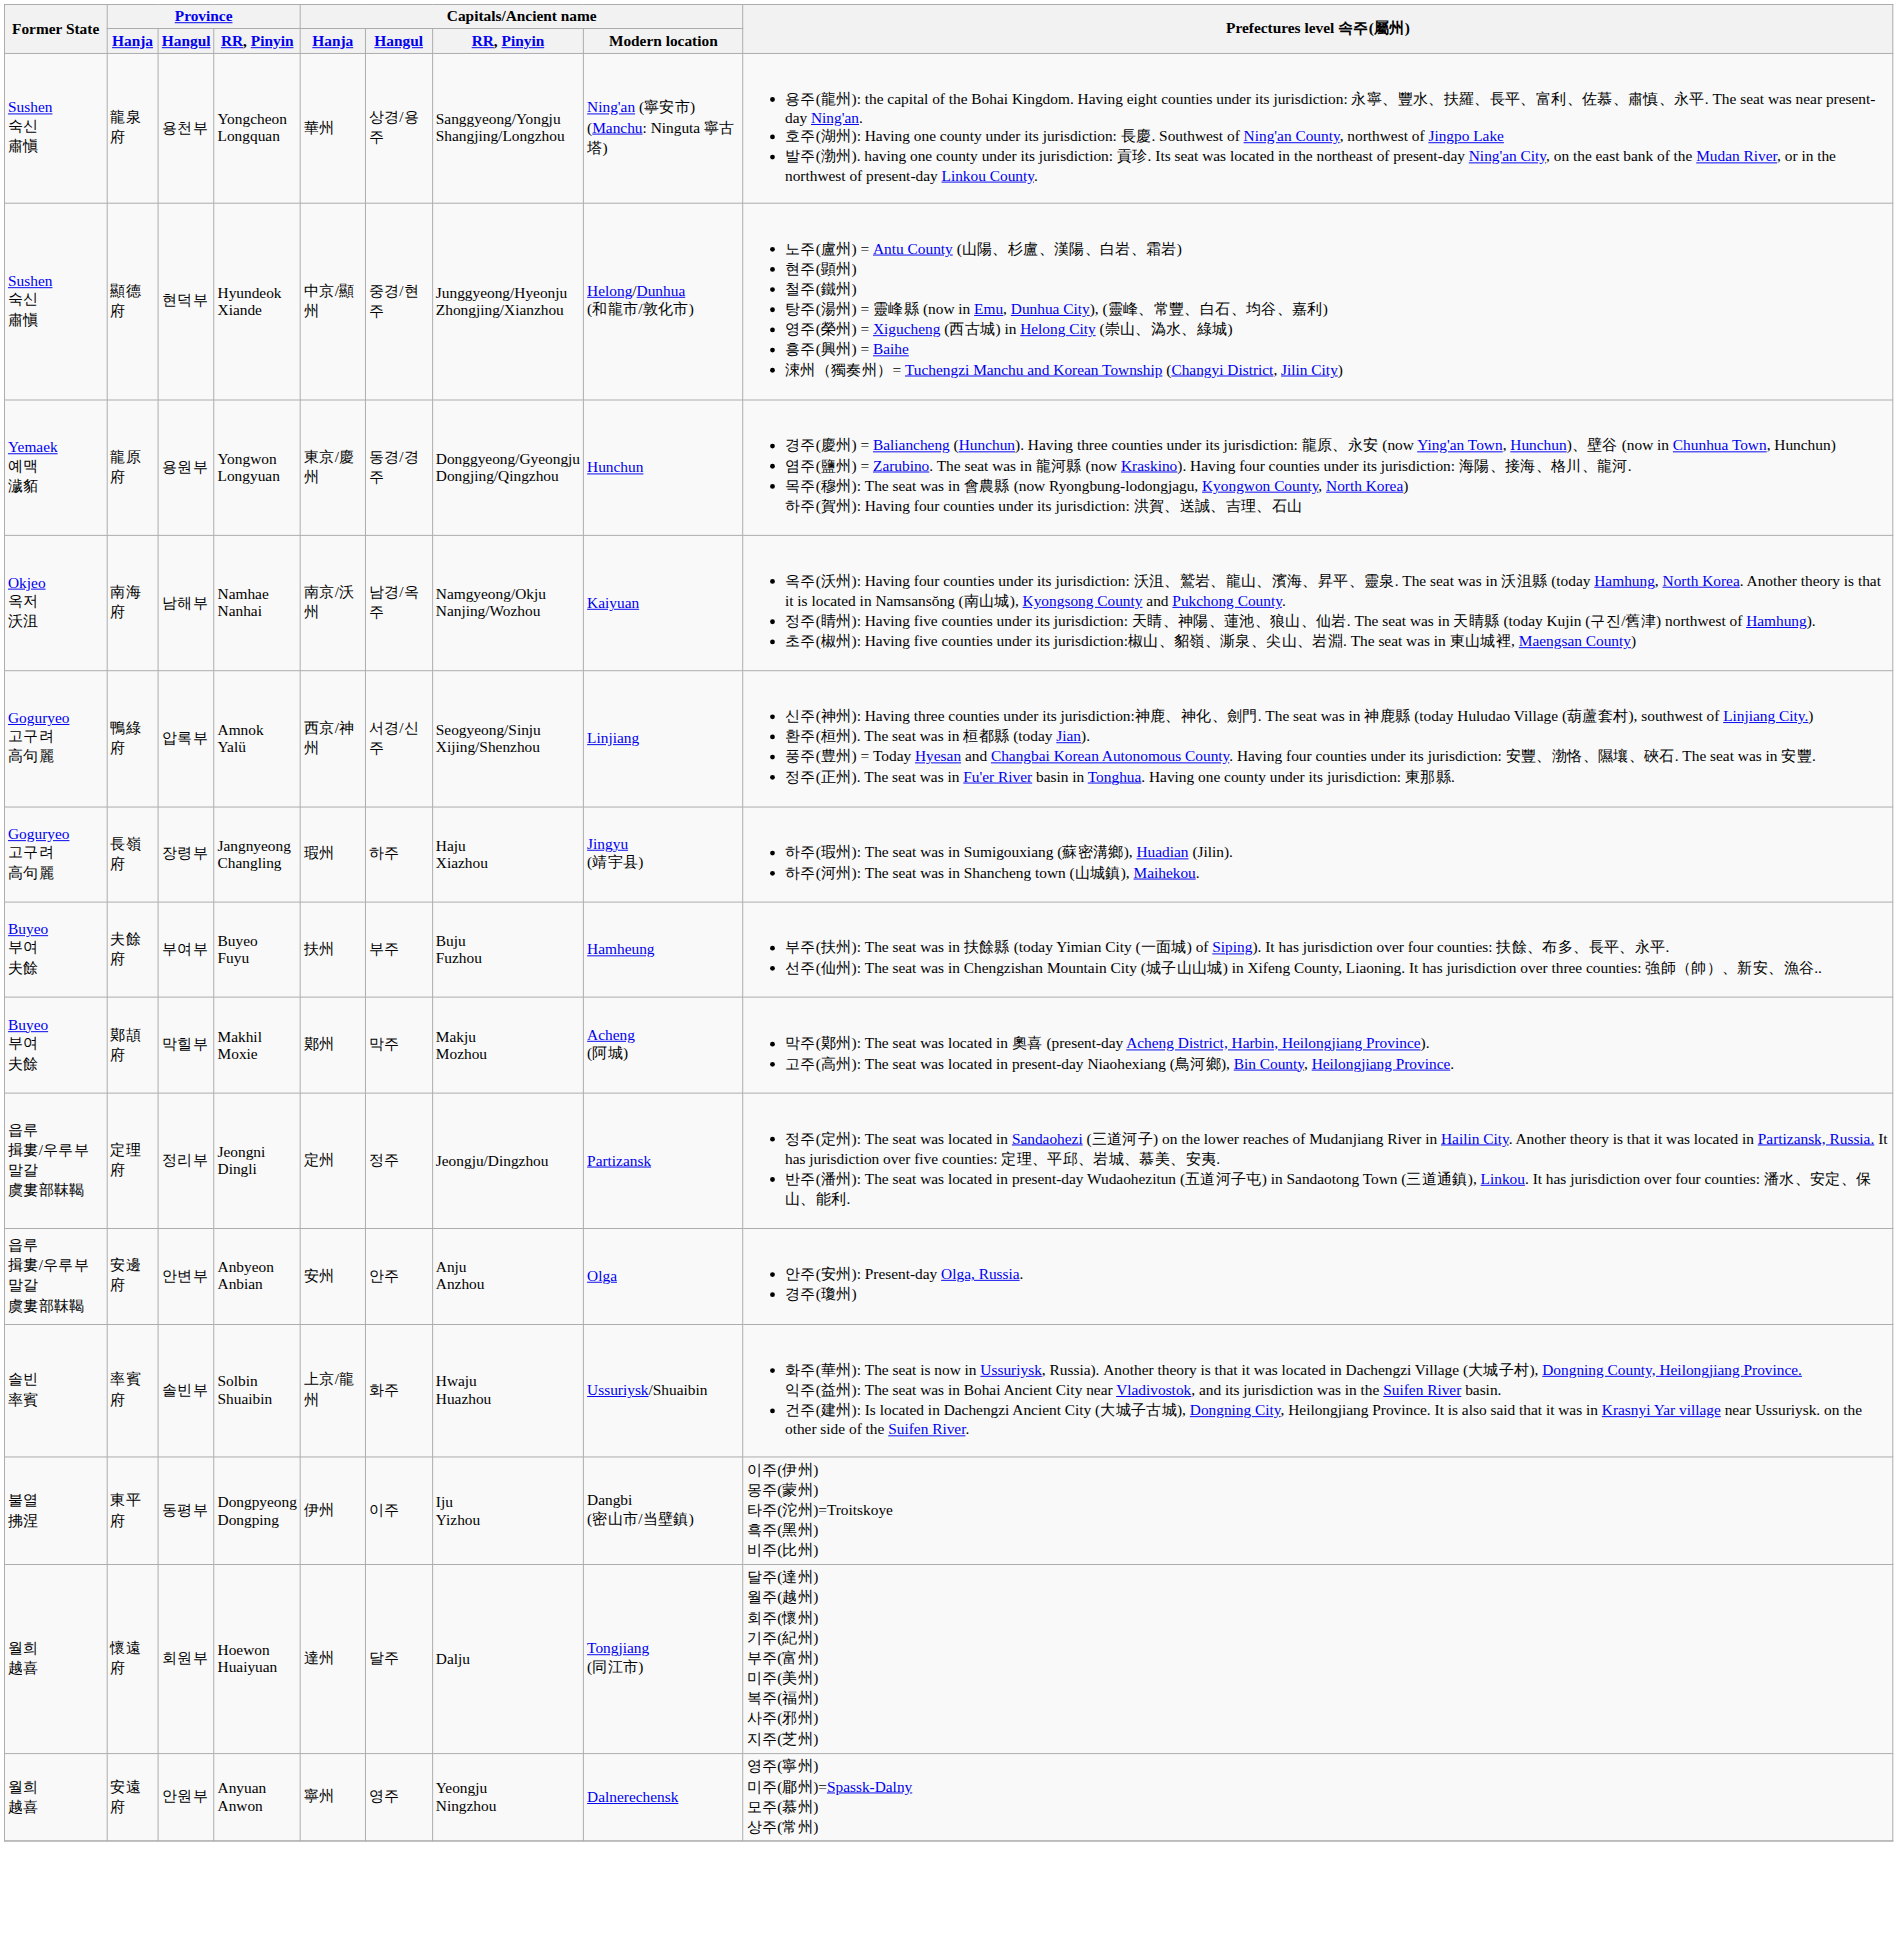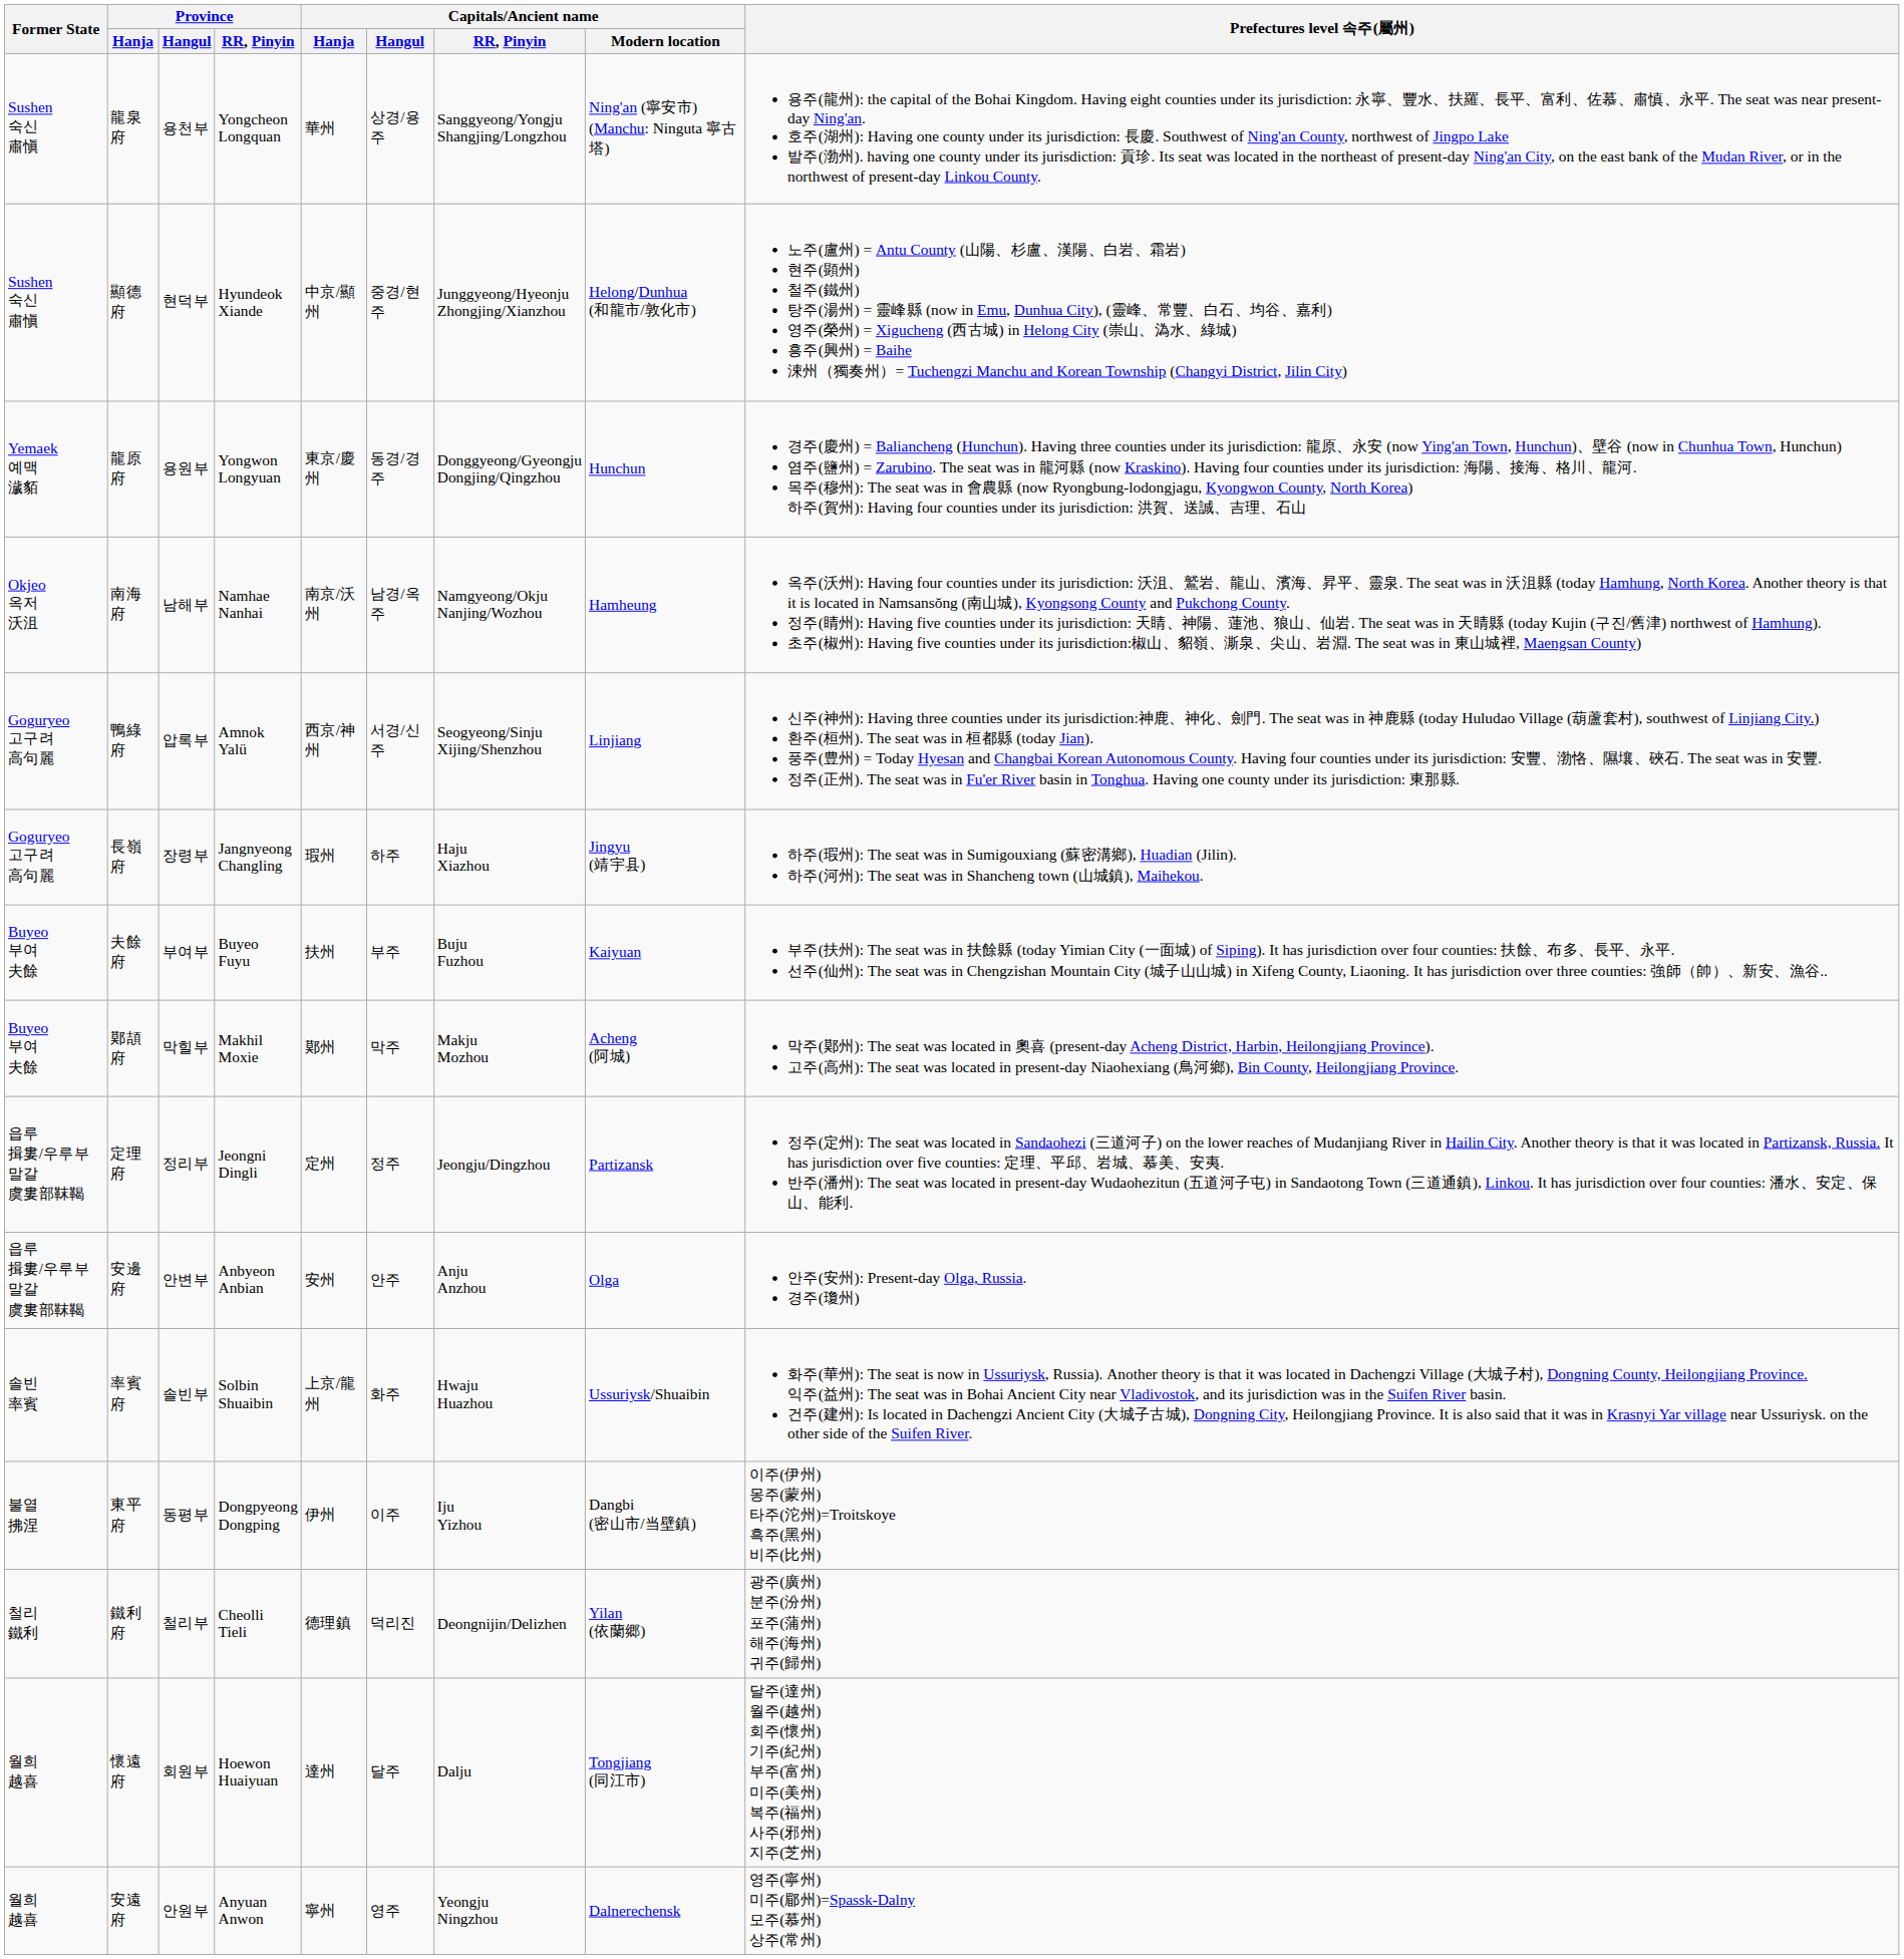 <table class="wikitable">
 <tr>
 <th rowspan="2">Former State</th>
 <th colspan="3"><a href='#'>Province</a></th>
 <th colspan="4">Capitals/Ancient name</th>
 <th rowspan="2">Prefectures level 속주(屬州)</th>
 </tr>
 <tr>
 <th style="valign:top;"><a href='#'>Hanja</a></th>
 <th style="valign:top;"><a href='#'>Hangul</a></th>
 <th style="valign:top;"><a href='#'>RR</a>, <a href='#'>Pinyin</a></th>
 <th style="valign:top;"><a href='#'>Hanja</a></th>
 <th style="valign:top;"><a href='#'>Hangul</a></th>
 <th style="valign:top;"><a href='#'>RR</a>, <a href='#'>Pinyin</a></th>
 <th>Modern location</th>
 </tr>
 <tr>
 <td><a href='#'>Sushen</a><br>숙신<br>肅愼</td>
 <td>龍泉府</td>
 <td>용천부</td>
 <td>Yongcheon<br>Longquan</td>
 <td>華州</td>
 <td>상경/용주</td>
 <td>Sanggyeong/Yongju<br>Shangjing/Longzhou</td>
 <td><a href='#'>Ning'an</a> (寧安市) <br> (<a href='#'>Manchu</a>: Ninguta 寧古塔)</td>
 <td><br><ul><li>용주(龍州): the capital of the Bohai Kingdom. Having eight counties under its jurisdiction: 永寧、豐水、扶羅、長平、富利、佐慕、肅慎、永平. The seat was near present-day <a href='#'>Ning'an</a>.</li><li>호주(湖州): Having one county under its jurisdiction: 長慶. Southwest of <a href='#'>Ning'an County</a>, northwest of <a href='#'>Jingpo Lake</a></li><li>발주(渤州). having one county under its jurisdiction: 貢珍. Its seat was located in the northeast of present-day <a href='#'>Ning'an City</a>, on the east bank of the <a href='#'>Mudan River</a>, or in the northwest of present-day <a href='#'>Linkou County</a>.</li></ul></td>
 </tr>
 <tr>
 <td><a href='#'>Sushen</a><br>숙신<br>肅愼</td>
 <td>顯德府</td>
 <td>현덕부</td>
 <td>Hyundeok<br>Xiande</td>
 <td>中京/顯州</td>
 <td>중경/현주</td>
 <td>Junggyeong/Hyeonju<br>Zhongjing/Xianzhou</td>
 <td><a href='#'>Helong</a>/<a href='#'>Dunhua</a><br> (和龍市/敦化市)</td>
 <td><br><ul><li>노주(盧州) = <a href='#'>Antu County</a> (山陽、杉盧、漢陽、白岩、霜岩)</li><li>현주(顕州)</li><li>철주(鐵州)</li><li>탕주(湯州) = 靈峰縣 (now in <a href='#'>Emu</a>, <a href='#'>Dunhua City</a>), (靈峰、常豐、白石、均谷、嘉利)</li><li>영주(榮州) = <a href='#'>Xigucheng</a> (西古城) in <a href='#'>Helong City</a> (崇山、溈水、綠城)</li><li>흥주(興州) = <a href='#'>Baihe</a></li><li>涑州（獨奏州）= <a href='#'>Tuchengzi Manchu and Korean Township</a> (<a href='#'>Changyi District</a>, <a href='#'>Jilin City</a>)</li></ul></td>
 </tr>
 <tr>
 <td><a href='#'>Yemaek</a><br>예맥<br>濊貊</td>
 <td>龍原府</td>
 <td>용원부</td>
 <td>Yongwon<br>Longyuan</td>
 <td>東京/慶州</td>
 <td>동경/경주</td>
 <td>Donggyeong/Gyeongju<br>Dongjing/Qingzhou</td>
 <td><a href='#'>Hunchun</a><br></td>
 <td><br><ul><li>경주(慶州) = <a href='#'>Baliancheng</a> (<a href='#'>Hunchun</a>). Having three counties under its jurisdiction: 龍原、永安 (now <a href='#'>Ying'an Town</a>, <a href='#'>Hunchun</a>)、壁谷 (now in <a href='#'>Chunhua Town</a>, Hunchun)</li><li>염주(鹽州) = <a href='#'>Zarubino</a>. The seat was in 龍河縣 (now <a href='#'>Kraskino</a>). Having four counties under its jurisdiction: 海陽、接海、格川、龍河.</li><li>목주(穆州): The seat was in 會農縣 (now Ryongbung-lodongjagu, <a href='#'>Kyongwon County</a>, <a href='#'>North Korea</a>)<br>하주(賀州): Having four counties under its jurisdiction: 洪賀、送誠、吉理、石山</li></ul></td>
 </tr>
 <tr>
 <td><a href='#'>Okjeo</a><br>옥저<br>沃沮</td>
 <td>南海府</td>
 <td>남해부</td>
 <td>Namhae<br>Nanhai</td>
 <td>南京/沃州</td>
 <td>남경/옥주</td>
 <td>Namgyeong/Okju<br>Nanjing/Wozhou</td>
-<td><a href='#'>Kaiyuan</a></td>
+<td><a href='#'>Hamheung</a><br></td>
 <td><br><ul><li>옥주(沃州): Having four counties under its jurisdiction: 沃沮、鷲岩、龍山、濱海、昇平、靈泉. The seat was in 沃沮縣 (today <a href='#'>Hamhung</a>, <a href='#'>North Korea</a>. Another theory is that it is located in Namsansŏng (南山城), <a href='#'>Kyongsong County</a> and <a href='#'>Pukchong County</a>.</li><li>정주(睛州): Having five counties under its jurisdiction:  天睛、神陽、蓮池、狼山、仙岩. The seat was in 天睛縣 (today Kujin (구진/舊津) northwest of <a href='#'>Hamhung</a>).</li><li>초주(椒州): Having five counties under its jurisdiction:椒山、貂嶺、澌泉、尖山、岩淵. The seat was in 東山城裡, <a href='#'>Maengsan County</a>)</li></ul></td>
 </tr>
 <tr>
 <td><a href='#'>Goguryeo</a><br>고구려<br>高句麗</td>
 <td>鴨綠府</td>
 <td>압록부</td>
 <td>Amnok<br>Yalü</td>
 <td>西京/神州</td>
 <td>서경/신주</td>
 <td>Seogyeong/Sinju<br>Xijing/Shenzhou</td>
 <td><a href='#'>Linjiang</a></td>
 <td><br><ul><li>신주(神州): Having three counties under its jurisdiction:神鹿、神化、劍門. The seat was in 神鹿縣 (today Huludao Village (葫蘆套村), southwest of <a href='#'>Linjiang City.</a>)</li><li>환주(桓州). The seat was in 桓都縣 (today <a href='#'>Jian</a>).</li><li>풍주(豊州) = Today <a href='#'>Hyesan</a> and <a href='#'>Changbai Korean Autonomous County</a>. Having four counties under its jurisdiction: 安豐、渤恪、隰壤、硤石. The seat was in 安豐.</li><li>정주(正州). The seat was in <a href='#'>Fu'er River</a> basin in <a href='#'>Tonghua</a>. Having one county under its jurisdiction: 東那縣.</li></ul></td>
 </tr>
 <tr>
 <td><a href='#'>Goguryeo</a><br>고구려<br>高句麗</td>
 <td>長嶺府</td>
 <td>장령부</td>
 <td>Jangnyeong<br>Changling</td>
 <td>瑕州</td>
 <td>하주</td>
 <td>Haju<br>Xiazhou</td>
 <td><a href='#'>Jingyu</a><br>(靖宇县)</td>
 <td><br><ul><li>하주(瑕州): The seat was in Sumigouxiang (蘇密溝鄉), <a href='#'>Huadian</a> (Jilin).</li><li>하주(河州): The seat was in Shancheng town (山城鎮), <a href='#'>Maihekou</a>.</li></ul></td>
 </tr>
 <tr>
 <td><a href='#'>Buyeo</a><br>부여<br>夫餘</td>
 <td>夫餘府</td>
 <td>부여부</td>
 <td>Buyeo<br>Fuyu</td>
 <td>扶州</td>
 <td>부주</td>
 <td>Buju<br>Fuzhou</td>
-<td><a href='#'>Hamheung</a><br></td>
+<td><a href='#'>Kaiyuan</a></td>
 <td><br><ul><li>부주(扶州): The seat was in 扶餘縣 (today Yimian City (一面城) of <a href='#'>Siping</a>). It has jurisdiction over four counties: 扶餘、布多、長平、永平.</li><li>선주(仙州): The seat was in Chengzishan Mountain City (城子山山城) in Xifeng County, Liaoning. It has jurisdiction over three counties: 強師（帥）、新安、漁谷..</li></ul></td>
 </tr>
 <tr>
 <td><a href='#'>Buyeo</a><br>부여<br>夫餘</td>
 <td>鄚頡府</td>
 <td>막힐부</td>
 <td>Makhil<br>Moxie</td>
 <td>鄚州</td>
 <td>막주</td>
 <td>Makju<br>Mozhou</td>
 <td><a href='#'>Acheng</a><br>(阿城)</td>
 <td><br><ul><li>막주(鄚州): The seat was located in 奧喜 (present-day <a href='#'>Acheng District, Harbin, Heilongjiang Province</a>).</li><li>고주(高州): The seat was located in present-day Niaohexiang (鳥河鄉), <a href='#'>Bin County</a>, <a href='#'>Heilongjiang Province</a>.</li></ul></td>
 </tr>
 <tr>
 <td>읍루<br>揖婁/우루부말갈<br>虞婁部靺鞨</td>
 <td>定理府</td>
 <td>정리부</td>
 <td>Jeongni<br>Dingli</td>
 <td>定州</td>
 <td>정주</td>
 <td>Jeongju/Dingzhou</td>
 <td><a href='#'>Partizansk</a></td>
 <td><br><ul><li>정주(定州): The seat was located in <a href='#'>Sandaohezi</a> (三道河子) on the lower reaches of Mudanjiang River in <a href='#'>Hailin City</a>. Another theory is that it was located in <a href='#'>Partizansk, Russia.</a> It has jurisdiction over five counties: 定理、平邱、岩城、慕美、安夷.</li><li>반주(潘州): The seat was located in present-day Wudaohezitun (五道河子屯) in Sandaotong Town (三道通鎮), <a href='#'>Linkou</a>. It has jurisdiction over four counties: 潘水、安定、保山、能利.</li></ul></td>
 </tr>
 <tr>
 <td>읍루<br>揖婁/우루부말갈<br>虞婁部靺鞨</td>
 <td>安邊府</td>
 <td>안변부</td>
 <td>Anbyeon<br>Anbian</td>
 <td>安州</td>
 <td>안주</td>
 <td>Anju<br>Anzhou</td>
 <td><a href='#'>Olga</a></td>
 <td><br><ul><li>안주(安州): Present-day <a href='#'>Olga, Russia</a>.</li><li>경주(瓊州)</li></ul></td>
 </tr>
 <tr>
 <td>솔빈<br>率賓</td>
 <td>率賓府</td>
 <td>솔빈부</td>
 <td>Solbin<br>Shuaibin</td>
 <td>上京/龍州</td>
 <td>화주</td>
 <td>Hwaju<br>Huazhou</td>
 <td><a href='#'>Ussuriysk</a>/Shuaibin</td>
 <td><br><ul><li>화주(華州): The seat is now in <a href='#'>Ussuriysk</a>, Russia). Another theory is that it was located in Dachengzi Village (大城子村), <a href='#'>Dongning County, Heilongjiang Province.</a><br>익주(益州): The seat was in Bohai Ancient City near <a href='#'>Vladivostok</a>, and its jurisdiction was in the <a href='#'>Suifen River</a> basin.</li><li>건주(建州): Is located in Dachengzi Ancient City (大城子古城), <a href='#'>Dongning City</a>, Heilongjiang Province. It is also said that it was in <a href='#'>Krasnyi Yar village</a> near Ussuriysk. on the other side of the <a href='#'>Suifen River</a>.</li></ul></td>
 </tr>
 <tr>
 <td>불열<br>拂涅</td>
 <td>東平府</td>
 <td>동평부</td>
 <td>Dongpyeong<br>Dongping</td>
 <td>伊州</td>
 <td>이주</td>
 <td>Iju<br>Yizhou</td>
 <td>Dangbi<br>(密山市/当壁鎮)</td>
 <td>이주(伊州) <br>몽주(蒙州) <br>타주(沱州)=Troitskoye <br>흑주(黑州) <br>비주(比州)</td>
 </tr>
 <tr>
+<td>철리<br>鐵利</td>
+<td>鐵利府</td>
+<td>철리부</td>
+<td>Cheolli<br>Tieli</td>
+<td>德理鎮</td>
+<td>덕리진</td>
+<td>Deongnijin/Delizhen</td>
+<td><a href='#'>Yilan</a><br>(依蘭郷)</td>
+<td>광주(廣州)<br>분주(汾州)<br>포주(蒲州)<br>해주(海州)<br>귀주(歸州)</td>
+</tr>
+<tr>
 <td>월희<br>越喜</td>
 <td>懷遠府</td>
 <td>회원부</td>
 <td>Hoewon<br>Huaiyuan</td>
 <td>達州</td>
 <td>달주</td>
 <td>Dalju</td>
 <td><a href='#'>Tongjiang</a><br>(同江市)</td>
 <td>달주(達州)<br>월주(越州)<br>회주(懷州)<br>기주(紀州)<br>부주(富州)<br>미주(美州)<br>복주(福州)<br>사주(邪州)<br>지주(芝州)</td>
 </tr>
 <tr>
 <td>월희<br>越喜</td>
 <td>安遠府</td>
 <td>안원부</td>
 <td>Anyuan<br>Anwon</td>
 <td>寧州</td>
 <td>영주</td>
 <td>Yeongju<br>Ningzhou</td>
 <td><a href='#'>Dalnerechensk</a></td>
 <td>영주(寧州)<br>미주(郿州)=<a href='#'>Spassk-Dalny</a><br>모주(慕州)<br>상주(常州)</td>
 </tr>
 <tr>
 </tr>
 </table>
